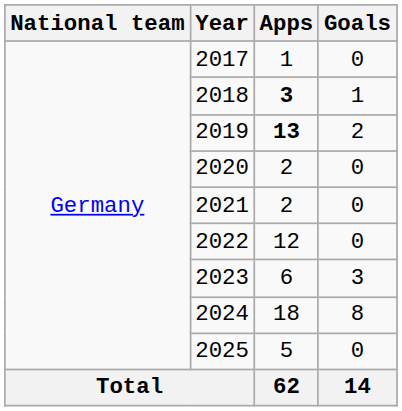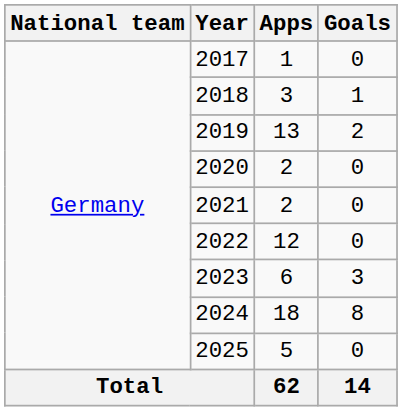 <table class="wikitable" style="text-align:center">
 <tr>
 <th>National team</th>
 <th>Year</th>
 <th>Apps</th>
 <th>Goals</th>
 </tr>
 <tr>
 <td rowspan="9"><a href='#'>Germany</a></td>
 <td>2017</td>
 <td>1</td>
 <td>0</td>
 </tr>
 <tr>
 <td>2018</td>
-<td><strong>3</strong></td>
+<td>3</td>
 <td>1</td>
 </tr>
 <tr>
 <td>2019</td>
-<td><strong>13</strong></td>
+<td>13</td>
 <td>2</td>
 </tr>
 <tr>
 <td>2020</td>
 <td>2</td>
 <td>0</td>
 </tr>
 <tr>
 <td>2021</td>
 <td>2</td>
 <td>0</td>
 </tr>
 <tr>
 <td>2022</td>
 <td>12</td>
 <td>0</td>
 </tr>
 <tr>
 <td>2023</td>
 <td>6</td>
 <td>3</td>
 </tr>
 <tr>
 <td>2024</td>
 <td>18</td>
 <td>8</td>
 </tr>
 <tr>
 <td>2025</td>
 <td>5</td>
 <td>0</td>
 </tr>
 <tr>
 <th colspan="2">Total</th>
 <th>62</th>
 <th>14</th>
 </tr>
 </table>
